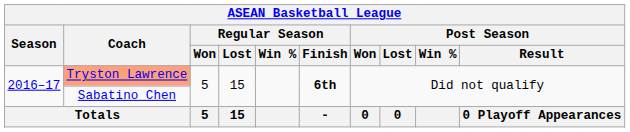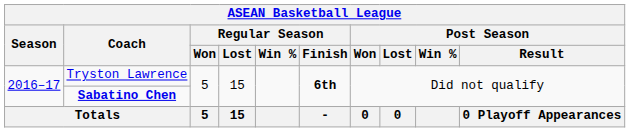 <table class="wikitable" style="font-size: 95%; text-align:center;">
 <tr>
 <th colspan="10"><a href='#'>ASEAN Basketball League</a></th>
 </tr>
 <tr>
 <th rowspan="2">Season</th>
 <th rowspan="2">Coach</th>
 <th colspan="4">Regular Season</th>
 <th colspan="4">Post Season</th>
 </tr>
 <tr>
 <th>Won</th>
 <th>Lost</th>
 <th>Win %</th>
 <th>Finish</th>
 <th>Won</th>
 <th>Lost</th>
 <th>Win %</th>
 <th>Result</th>
 </tr>
 <tr>
 <td rowspan="2"><a href='#'>2016–17</a></td>
-<td style="background: lightsalmon;"><a href='#'>Tryston Lawrence</a></td>
+<td><a href='#'>Tryston Lawrence</a></td>
 <td rowspan="2">5</td>
 <td rowspan="2">15</td>
 <td rowspan="2"></td>
 <td rowspan="2"><strong>6th</strong></td>
 <td rowspan="2"colspan="4">Did not qualify</td>
 </tr>
 <tr>
-<td><a href='#'>Sabatino Chen</a></td>
+<td><strong><a href='#'>Sabatino Chen</a></strong></td>
 </tr>
 <tr>
 <th colspan="2">Totals</th>
 <th>5</th>
 <th>15</th>
 <th></th>
 <th>-</th>
 <th>0</th>
 <th>0</th>
 <th></th>
 <th>0 Playoff Appearances</th>
 </tr>
 </table>
